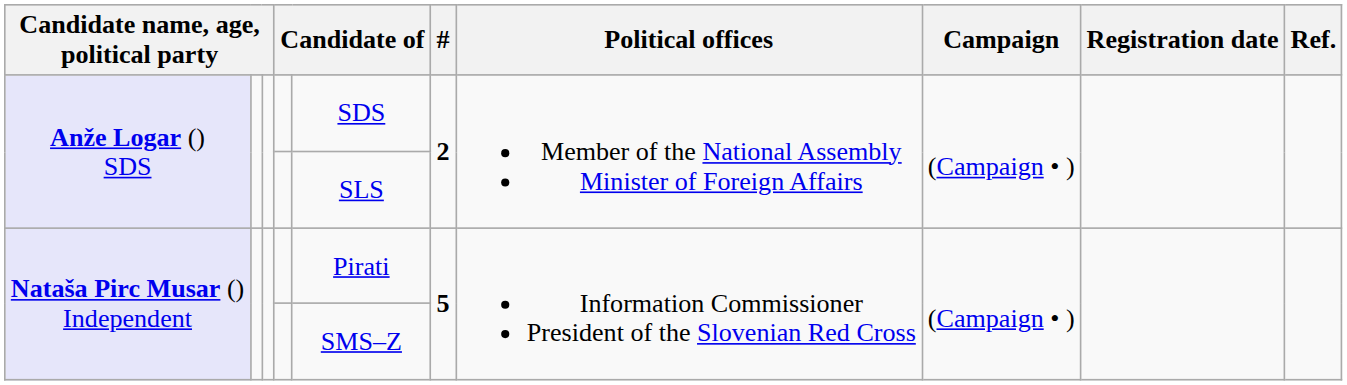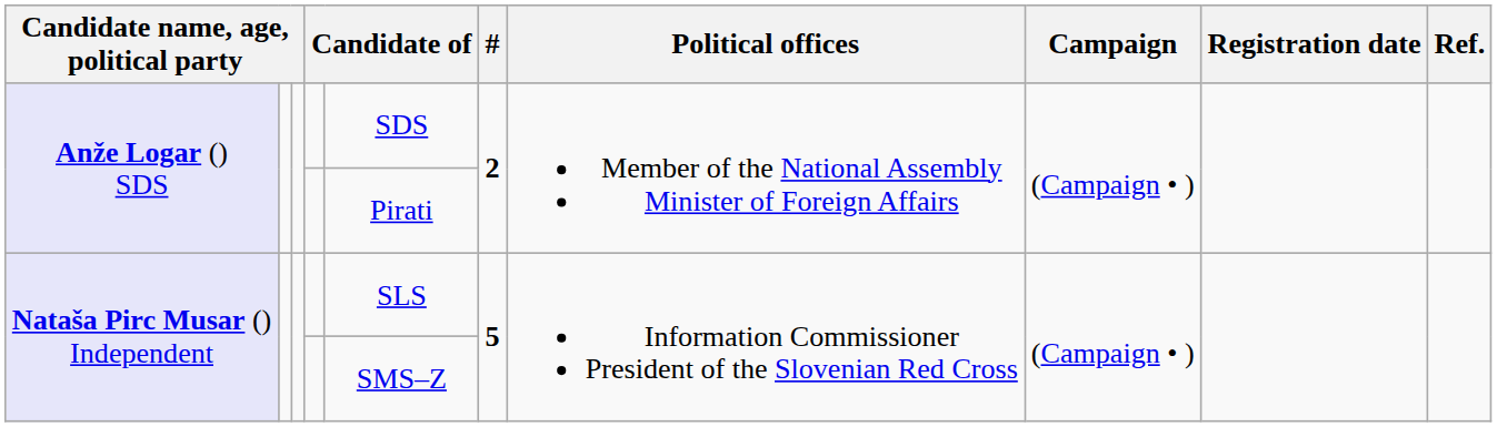 <table class="wikitable" style="text-align:center;">
 <tr>
 <th colspan="3">Candidate name, age,<br>political party</th>
 <th colspan="2">Candidate of</th>
 <th>#</th>
 <th>Political offices</th>
 <th>Campaign</th>
 <th>Registration date</th>
 <th>Ref.</th>
 </tr>
 <tr>
 <td rowspan="2" style="background:lavender;"><strong><a href='#'>Anže Logar</a></strong> ()<br><a href='#'>SDS</a></td>
 <td rowspan="2" style="background-color:"></td>
 <td rowspan="2"></td>
 <td style="background-color:"></td>
 <td><a href='#'>SDS</a></td>
 <td rowspan="2"><strong>2</strong></td>
 <td rowspan="2"><br><ul><li>Member of the <a href='#'>National Assembly</a> </li><li><a href='#'>Minister of Foreign Affairs</a> </li></ul></td>
 <td rowspan="2"><br>(<a href='#'>Campaign</a> • )</td>
 <td rowspan="2"></td>
 <td rowspan="2"></td>
 </tr>
 <tr>
 <td style="background-color:"></td>
-<td><a href='#'>SLS</a></td>
+<td><a href='#'>Pirati</a></td>
 </tr>
 <tr>
 <td rowspan="2" style="background:lavender;"><strong><a href='#'>Nataša Pirc Musar</a></strong> ()<br><a href='#'>Independent</a></td>
 <td rowspan="2" style="background-color:"></td>
 <td rowspan="2"></td>
 <td style="background-color:"></td>
-<td><a href='#'>Pirati</a></td>
+<td><a href='#'>SLS</a></td>
 <td rowspan="2"><strong>5</strong></td>
 <td rowspan="2"><br><ul><li>Information Commissioner </li><li>President of the <a href='#'>Slovenian Red Cross</a> </li></ul></td>
 <td rowspan="2"><br>(<a href='#'>Campaign</a> • )</td>
 <td rowspan="2"></td>
 <td rowspan="2"></td>
 </tr>
 <tr>
 <td style="background-color:"></td>
 <td><a href='#'>SMS–Z</a></td>
 </tr>
 </table>
